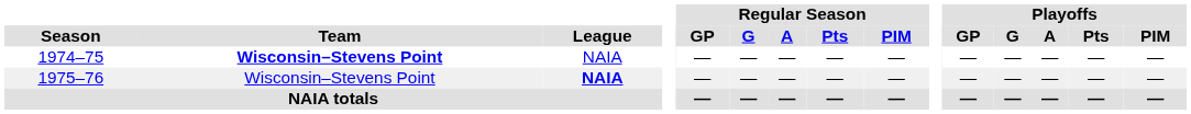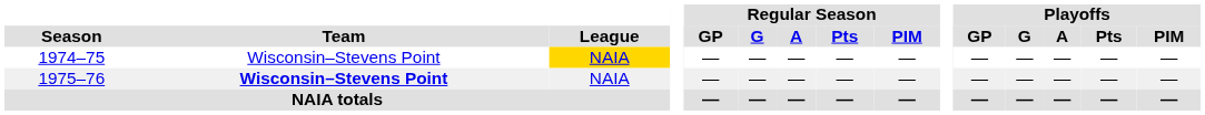 <table border="0" cellpadding="1" cellspacing="0" style="text-align:center; width:70em">
 <tr bgcolor="#e0e0e0">
 <th colspan="3"  bgcolor="#ffffff"> </th>
 <th rowspan="99" bgcolor="#ffffff"> </th>
 <th colspan="5">Regular Season</th>
 <th rowspan="99" bgcolor="#ffffff"> </th>
 <th colspan="5">Playoffs</th>
 </tr>
 <tr bgcolor="#e0e0e0">
 <th>Season</th>
 <th>Team</th>
 <th>League</th>
 <th>GP</th>
 <th><a href='#'>G</a></th>
 <th><a href='#'>A</a></th>
 <th><a href='#'>Pts</a></th>
 <th><a href='#'>PIM</a></th>
 <th>GP</th>
 <th>G</th>
 <th>A</th>
 <th>Pts</th>
 <th>PIM</th>
 </tr>
 <tr>
 <td><a href='#'>1974–75</a></td>
-<td><strong><a href='#'>Wisconsin–Stevens Point</a></strong></td>
-<td><a href='#'>NAIA</a></td>
+<td><a href='#'>Wisconsin–Stevens Point</a></td>
+<td style="background: gold;"><a href='#'>NAIA</a></td>
 <td>—</td>
 <td>—</td>
 <td>—</td>
 <td>—</td>
 <td>—</td>
 <td>—</td>
 <td>—</td>
 <td>—</td>
 <td>—</td>
 <td>—</td>
 </tr>
 <tr bgcolor="f0f0f0">
 <td><a href='#'>1975–76</a></td>
-<td><a href='#'>Wisconsin–Stevens Point</a></td>
-<td><strong><a href='#'>NAIA</a></strong></td>
+<td><strong><a href='#'>Wisconsin–Stevens Point</a></strong></td>
+<td><a href='#'>NAIA</a></td>
 <td>—</td>
 <td>—</td>
 <td>—</td>
 <td>—</td>
 <td>—</td>
 <td>—</td>
 <td>—</td>
 <td>—</td>
 <td>—</td>
 <td>—</td>
 </tr>
 <tr bgcolor="#e0e0e0">
 <th colspan="3">NAIA totals</th>
 <th>—</th>
 <th>—</th>
 <th>—</th>
 <th>—</th>
 <th>—</th>
 <th>—</th>
 <th>—</th>
 <th>—</th>
 <th>—</th>
 <th>—</th>
 </tr>
 </table>
